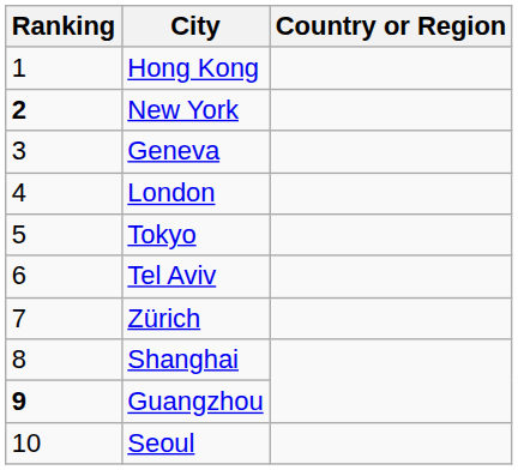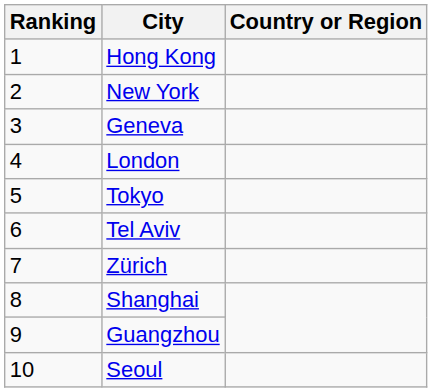 <table class="wikitable sortable">
 <tr>
 <th scope="col">Ranking</th>
 <th scope="col">City</th>
 <th scope="col">Country or Region</th>
 </tr>
 <tr>
 <td>1</td>
 <td><a href='#'>Hong Kong</a></td>
 <td></td>
 </tr>
 <tr>
-<td><strong>2</strong></td>
+<td>2</td>
 <td><a href='#'>New York</a></td>
 <td></td>
 </tr>
 <tr>
 <td>3</td>
 <td><a href='#'>Geneva</a></td>
 <td></td>
 </tr>
 <tr>
 <td>4</td>
 <td><a href='#'>London</a></td>
 <td></td>
 </tr>
 <tr>
 <td>5</td>
 <td><a href='#'>Tokyo</a></td>
 <td></td>
 </tr>
 <tr>
 <td>6</td>
 <td><a href='#'>Tel Aviv</a></td>
 <td></td>
 </tr>
 <tr>
 <td>7</td>
 <td><a href='#'>Zürich</a></td>
 <td></td>
 </tr>
 <tr>
 <td>8</td>
 <td><a href='#'>Shanghai</a></td>
 <td rowspan="2"></td>
 </tr>
 <tr>
-<td><strong>9</strong></td>
+<td>9</td>
 <td><a href='#'>Guangzhou</a></td>
 </tr>
 <tr>
 <td>10</td>
 <td><a href='#'>Seoul</a></td>
 <td></td>
 </tr>
 </table>
